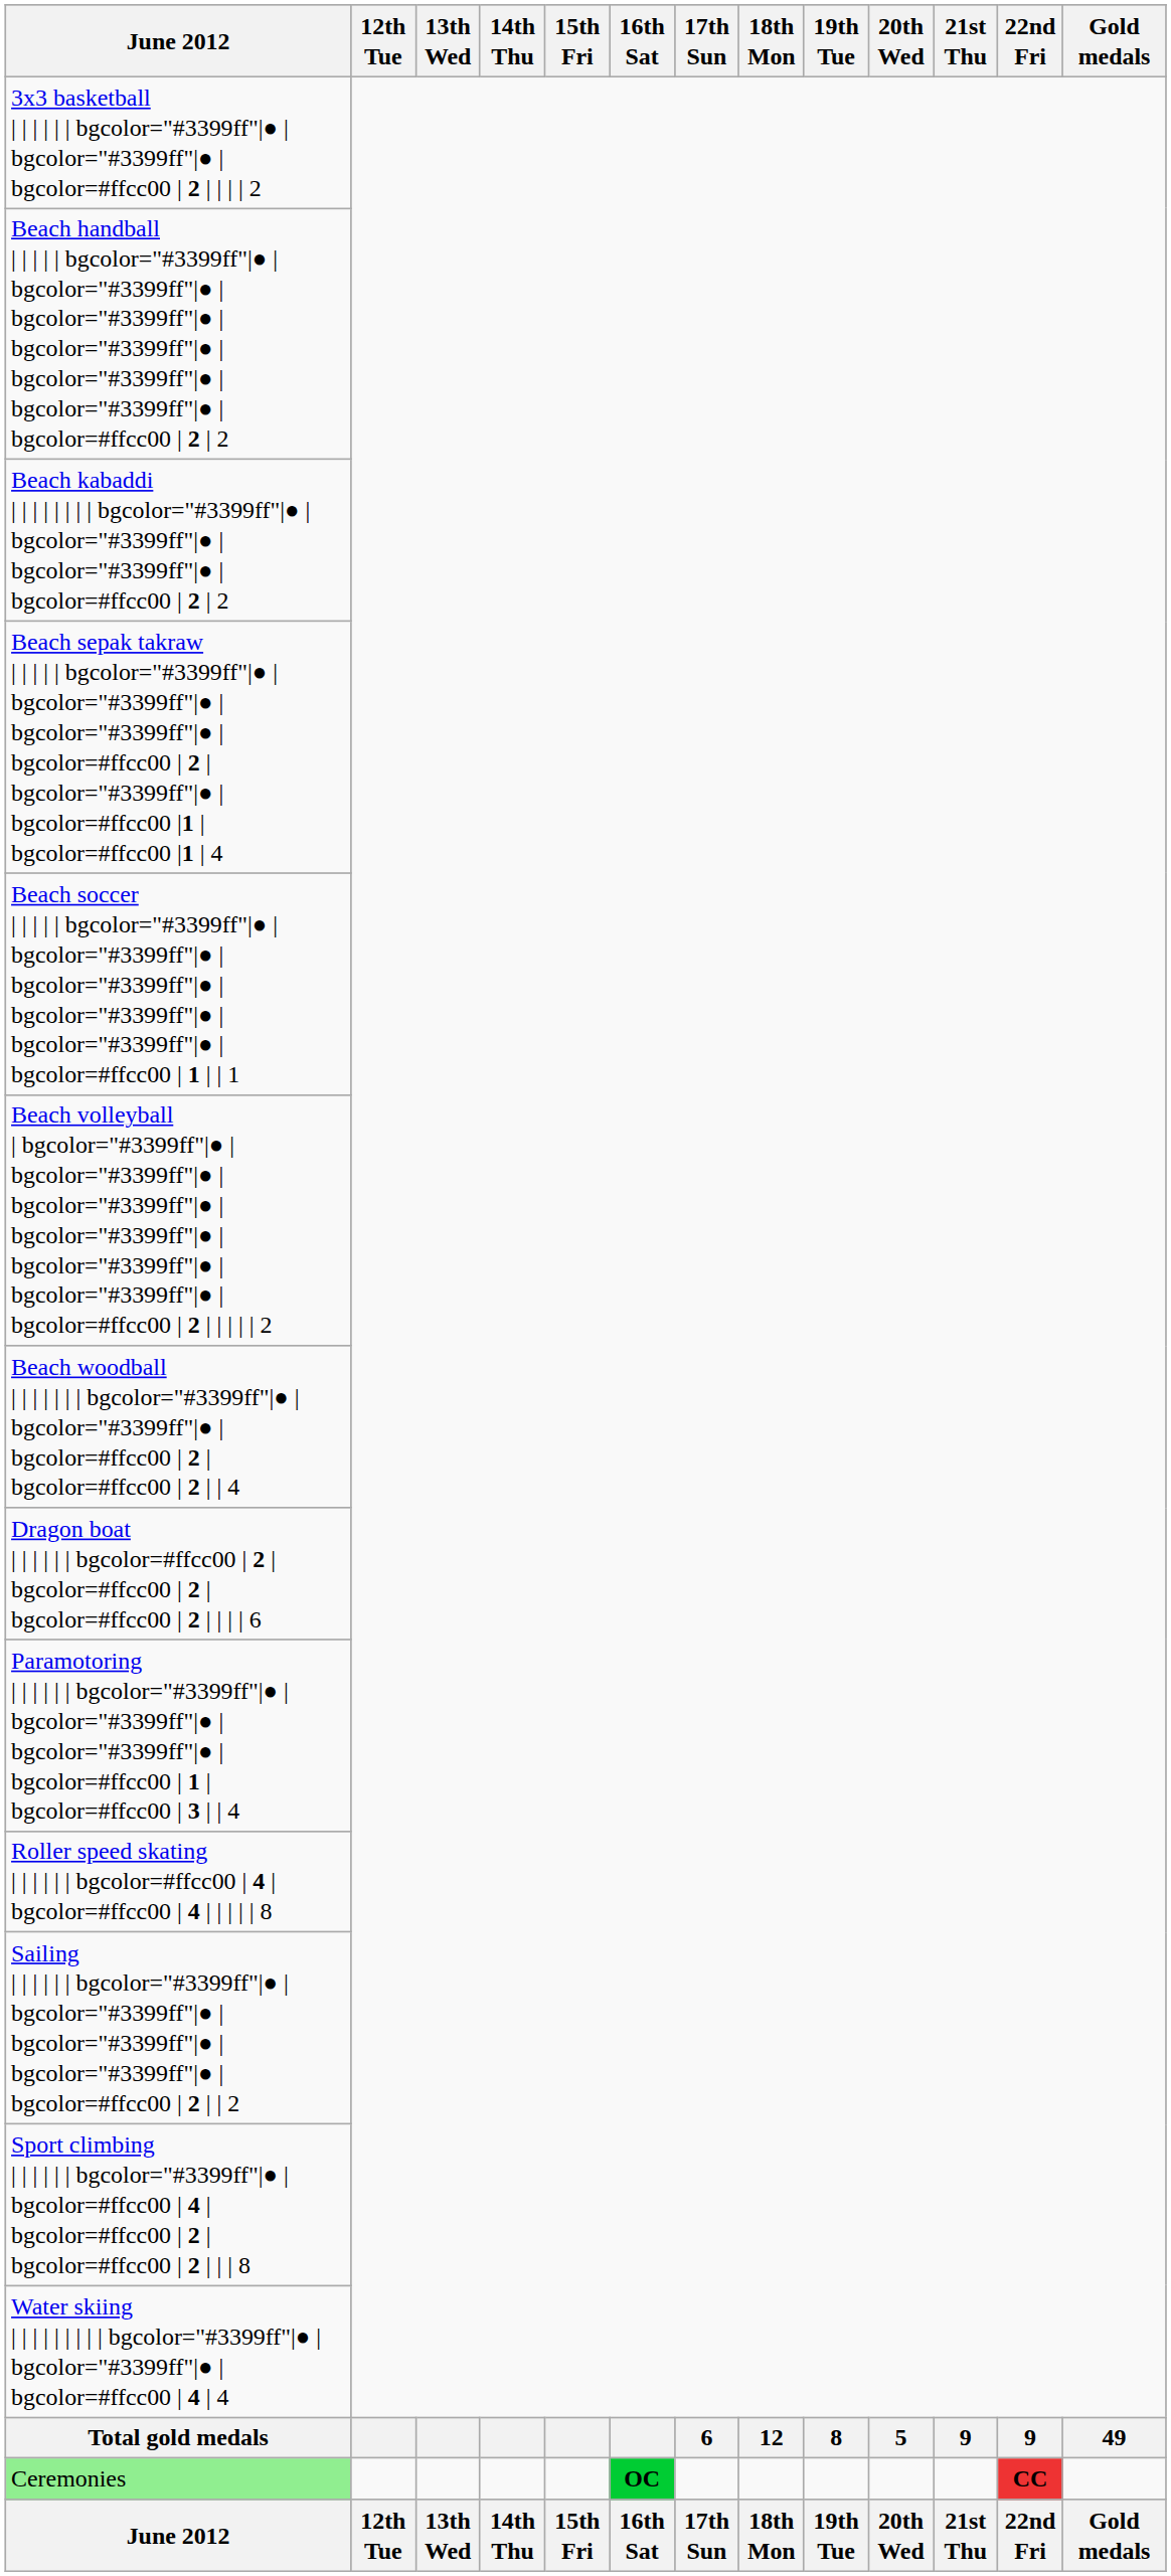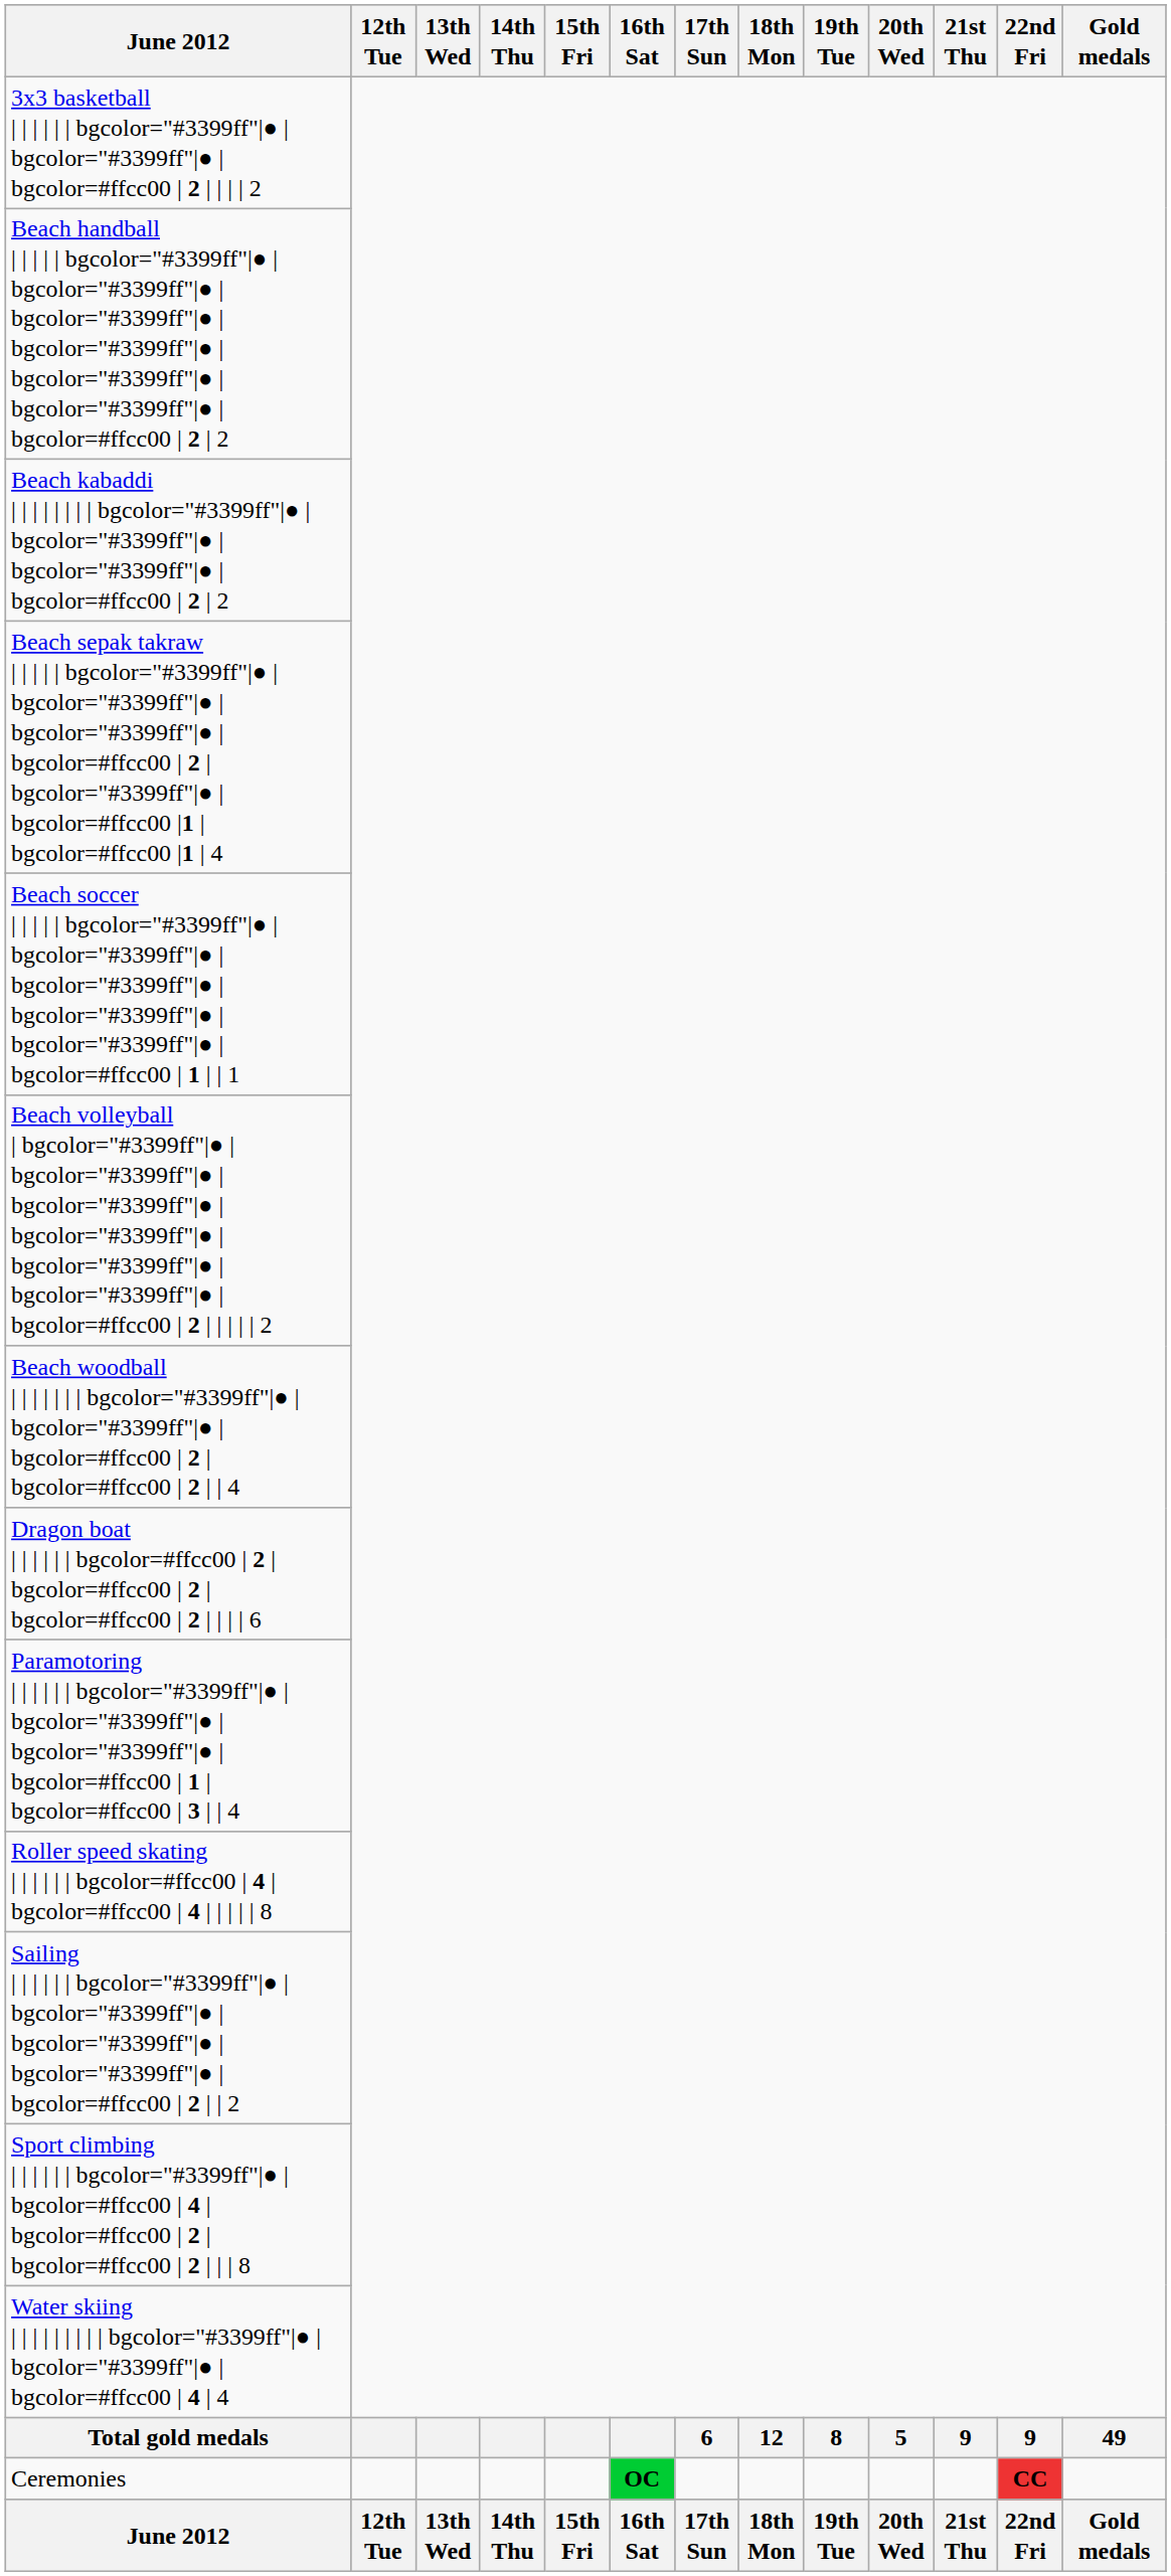 <table class="wikitable" style="margin:0.5em auto; font-size:90%; line-height:1.25em;">
 <tr>
 <th width=200>June 2012</th>
 <th width=32>12th<br>Tue</th>
 <th width=32>13th<br>Wed</th>
 <th width=32>14th<br>Thu</th>
 <th width=32>15th<br>Fri</th>
 <th width=32>16th<br>Sat</th>
 <th width=32>17th<br>Sun</th>
 <th width=32>18th<br>Mon</th>
 <th width=32>19th<br>Tue</th>
 <th width=32>20th<br>Wed</th>
 <th width=32>21st<br>Thu</th>
 <th width=32>22nd<br>Fri</th>
 <th width=55>Gold<br>medals</th>
 </tr>
 <tr align="center">
 <td align="left"> <a href='#'>3x3 basketball</a><br>|   |   |   |   |   | bgcolor="#3399ff"|● | bgcolor="#3399ff"|● | bgcolor=#ffcc00 | <strong>2</strong> |   |  |  | 2</td>
 </tr>
 <tr align="center">
 <td align="left"> <a href='#'>Beach handball</a><br>|   |   |   |   | bgcolor="#3399ff"|● | bgcolor="#3399ff"|● | bgcolor="#3399ff"|● | bgcolor="#3399ff"|● | bgcolor="#3399ff"|● | bgcolor="#3399ff"|● | bgcolor=#ffcc00 | <strong>2</strong> | 2</td>
 </tr>
 <tr align="center">
 <td align="left"> <a href='#'>Beach kabaddi</a><br>|   |   |   |   |  |  |  | bgcolor="#3399ff"|● | bgcolor="#3399ff"|● | bgcolor="#3399ff"|● | bgcolor=#ffcc00 | <strong>2</strong> | 2</td>
 </tr>
 <tr align="center">
 <td align="left"> <a href='#'>Beach sepak takraw</a><br>|   |   |   |   | bgcolor="#3399ff"|● | bgcolor="#3399ff"|● | bgcolor="#3399ff"|● | bgcolor=#ffcc00 | <strong>2</strong> | bgcolor="#3399ff"|● | bgcolor=#ffcc00 |<strong>1</strong> | bgcolor=#ffcc00 |<strong>1</strong> | 4</td>
 </tr>
 <tr align="center">
 <td align="left"> <a href='#'>Beach soccer</a><br>|   |   |   |   | bgcolor="#3399ff"|● | bgcolor="#3399ff"|● | bgcolor="#3399ff"|● | bgcolor="#3399ff"|● | bgcolor="#3399ff"|● | bgcolor=#ffcc00 | <strong>1</strong> |  | 1</td>
 </tr>
 <tr align="center">
 <td align="left"> <a href='#'>Beach volleyball</a><br>| bgcolor="#3399ff"|●  | bgcolor="#3399ff"|●  | bgcolor="#3399ff"|●  | bgcolor="#3399ff"|●  | bgcolor="#3399ff"|● | bgcolor="#3399ff"|● | bgcolor=#ffcc00 | <strong>2</strong> |  |  |  |  | 2</td>
 </tr>
 <tr align="center">
 <td align="left"> <a href='#'>Beach woodball</a><br>|   |   |   |   |  |  | bgcolor="#3399ff"|● | bgcolor="#3399ff"|● | bgcolor=#ffcc00 | <strong>2</strong> | bgcolor=#ffcc00 | <strong>2</strong> |  | 4</td>
 </tr>
 <tr align="center">
 <td align="left"> <a href='#'>Dragon boat</a><br>|   |   |   |   |  | bgcolor=#ffcc00 | <strong>2</strong> | bgcolor=#ffcc00 | <strong>2</strong> | bgcolor=#ffcc00 | <strong>2</strong> |  |  |  | 6</td>
 </tr>
 <tr align="center">
 <td align="left"> <a href='#'>Paramotoring</a><br>|   |   |   |   |  | bgcolor="#3399ff"|● | bgcolor="#3399ff"|● | bgcolor="#3399ff"|● | bgcolor=#ffcc00 | <strong>1</strong> | bgcolor=#ffcc00 | <strong>3</strong> |  | 4</td>
 </tr>
 <tr align="center">
 <td align="left"> <a href='#'>Roller speed skating</a><br>|   |   |   |   |  | bgcolor=#ffcc00 | <strong>4</strong> | bgcolor=#ffcc00 | <strong>4</strong> |  |  |  |  | 8</td>
 </tr>
 <tr align="center">
 <td align="left"> <a href='#'>Sailing</a><br>|   |   |   |   |  | bgcolor="#3399ff"|● | bgcolor="#3399ff"|● | bgcolor="#3399ff"|● | bgcolor="#3399ff"|● | bgcolor=#ffcc00 | <strong>2</strong> |  | 2</td>
 </tr>
 <tr align="center">
 <td align="left"> <a href='#'>Sport climbing</a><br>|   |   |   |   |  | bgcolor="#3399ff"|● | bgcolor=#ffcc00 | <strong>4</strong> | bgcolor=#ffcc00 | <strong>2</strong> | bgcolor=#ffcc00 | <strong>2</strong> |  |  | 8</td>
 </tr>
 <tr align="center">
 <td align="left"> <a href='#'>Water skiing</a><br>|   |   |   |   |  |  |  |  | bgcolor="#3399ff"|● | bgcolor="#3399ff"|● | bgcolor=#ffcc00 | <strong>4</strong> | 4</td>
 </tr>
 <tr>
 <th>Total gold medals</th>
 <th></th>
 <th></th>
 <th></th>
 <th></th>
 <th></th>
 <th>6</th>
 <th>12</th>
 <th>8</th>
 <th>5</th>
 <th>9</th>
 <th>9</th>
 <th>49</th>
 </tr>
 <tr>
-<td style="background: lightgreen;">Ceremonies</td>
+<td>Ceremonies</td>
 <td></td>
 <td></td>
 <td></td>
 <td></td>
 <td bgcolor=#00cc33 align=center><strong>OC</strong></td>
 <td></td>
 <td></td>
 <td></td>
 <td></td>
 <td></td>
 <td bgcolor=#ee3333 align=center><strong>CC</strong></td>
 <td></td>
 </tr>
 <tr>
 <th width=200>June 2012</th>
 <th width=32>12th<br>Tue</th>
 <th width=32>13th<br>Wed</th>
 <th width=32>14th<br>Thu</th>
 <th width=32>15th<br>Fri</th>
 <th width=32>16th<br>Sat</th>
 <th width=32>17th<br>Sun</th>
 <th width=32>18th<br>Mon</th>
 <th width=32>19th<br>Tue</th>
 <th width=32>20th<br>Wed</th>
 <th width=32>21st<br>Thu</th>
 <th width=32>22nd<br>Fri</th>
 <th width=55>Gold<br>medals</th>
 </tr>
 </table>
